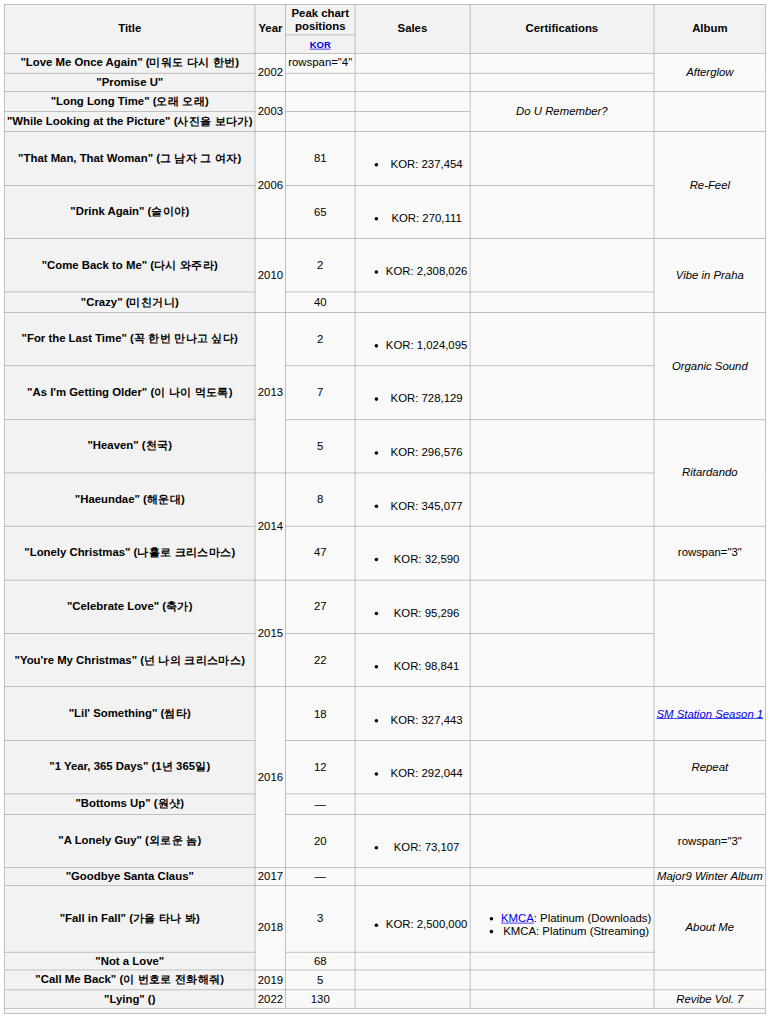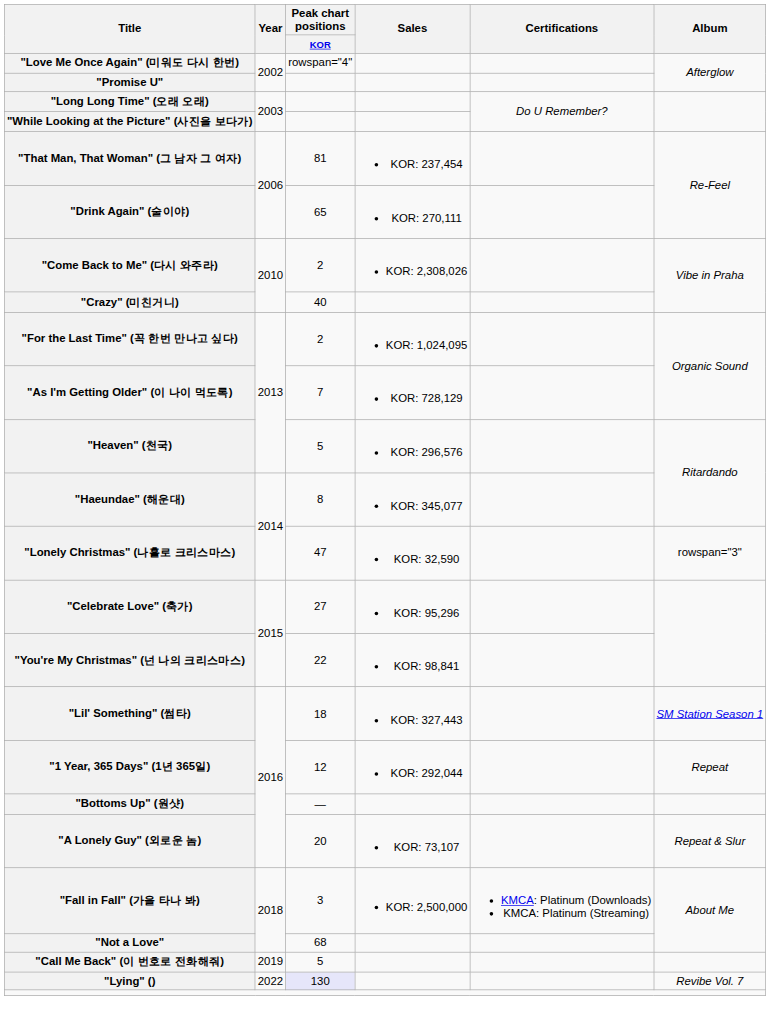 <table class="wikitable plainrowheaders" style="text-align:center;">
 <tr>
 <th scope="col" rowspan="2">Title</th>
 <th scope="col" rowspan="2">Year</th>
 <th scope="col" colspan="1" style="width:5em;">Peak chart positions</th>
 <th rowspan="2">Sales</th>
 <th rowspan="2">Certifications</th>
 <th scope="col" rowspan="2">Album</th>
 </tr>
 <tr>
 <th><small><a href='#'>KOR</a></small><br></th>
 </tr>
 <tr>
 <th scope="row">"Love Me Once Again" (미워도 다시 한번)</th>
 <td rowspan="2">2002</td>
 <td>rowspan="4" </td>
 <td></td>
 <td></td>
 <td rowspan="2"><em>Afterglow</em></td>
 </tr>
 <tr>
 <th scope="row">"Promise U"</th>
 <td></td>
 <td></td>
 </tr>
 <tr>
 <th scope="row">"Long Long Time" (오래 오래)</th>
 <td rowspan="2">2003</td>
 <td></td>
 <td></td>
 <td rowspan="2"><em>Do U Remember?</em></td>
 </tr>
 <tr>
 <th scope="row">"While Looking at the Picture" (사진을 보다가)</th>
 <td></td>
 <td></td>
 </tr>
 <tr>
 <th scope="row">"That Man, That Woman" (그 남자 그 여자)<br></th>
 <td rowspan="2">2006</td>
 <td>81</td>
 <td><br><ul><li>KOR: 237,454</li></ul></td>
 <td></td>
 <td rowspan="2"><em>Re-Feel</em></td>
 </tr>
 <tr>
 <th scope="row">"Drink Again" (술이야)</th>
 <td>65</td>
 <td><br><ul><li>KOR: 270,111</li></ul></td>
 <td></td>
 </tr>
 <tr>
 <th scope="row">"Come Back to Me" (다시 와주라)</th>
 <td rowspan="2">2010</td>
 <td>2</td>
 <td><br><ul><li>KOR: 2,308,026</li></ul></td>
 <td></td>
 <td rowspan="2"><em>Vibe in Praha</em></td>
 </tr>
 <tr>
 <th scope="row">"Crazy" (미친거니)</th>
 <td>40</td>
 <td></td>
 <td></td>
 </tr>
 <tr>
 <th scope="row">"For the Last Time" (꼭 한번 만나고 싶다)</th>
 <td rowspan="3">2013</td>
 <td>2</td>
 <td><br><ul><li>KOR: 1,024,095</li></ul></td>
 <td></td>
 <td rowspan="2"><em>Organic Sound</em></td>
 </tr>
 <tr>
 <th scope="row">"As I'm Getting Older" (이 나이 먹도록)</th>
 <td>7</td>
 <td><br><ul><li>KOR: 728,129</li></ul></td>
 <td></td>
 </tr>
 <tr>
 <th scope="row">"Heaven" (천국)<br></th>
 <td>5</td>
 <td><br><ul><li>KOR: 296,576</li></ul></td>
 <td></td>
 <td rowspan="2"><em>Ritardando</em></td>
 </tr>
 <tr>
 <th scope="row">"Haeundae" (해운대)<br></th>
 <td rowspan="2">2014</td>
 <td>8</td>
 <td><br><ul><li>KOR: 345,077</li></ul></td>
 <td></td>
 </tr>
 <tr>
 <th scope="row">"Lonely Christmas" (나홀로 크리스마스)<br></th>
 <td>47</td>
 <td><br><ul><li>KOR: 32,590</li></ul></td>
 <td></td>
 <td>rowspan="3" </td>
 </tr>
 <tr>
 <th scope="row">"Celebrate Love" (축가)<br></th>
 <td rowspan="2">2015</td>
 <td>27</td>
 <td><br><ul><li>KOR: 95,296</li></ul></td>
 <td></td>
 </tr>
 <tr>
 <th scope="row">"You're My Christmas" (넌 나의 크리스마스)<br></th>
 <td>22</td>
 <td><br><ul><li>KOR: 98,841</li></ul></td>
 <td></td>
 </tr>
 <tr>
 <th scope="row">"Lil' Something" (썸타)<br></th>
 <td rowspan="4">2016</td>
 <td>18</td>
 <td><br><ul><li>KOR: 327,443</li></ul></td>
 <td></td>
 <td><em><a href='#'>SM Station Season 1</a></em></td>
 </tr>
 <tr>
 <th scope="row">"1 Year, 365 Days" (1년 365일)<br></th>
 <td>12</td>
 <td><br><ul><li>KOR: 292,044</li></ul></td>
 <td></td>
 <td><em>Repeat</em></td>
 </tr>
 <tr>
 <th scope="row">"Bottoms Up" (원샷)<br></th>
 <td>—</td>
 <td></td>
 <td></td>
 <td></td>
 </tr>
 <tr>
 <th scope="row">"A Lonely Guy" (외로운 놈)</th>
 <td>20</td>
 <td><br><ul><li>KOR: 73,107</li></ul></td>
 <td></td>
-<td>rowspan="3" </td>
-</tr>
-<tr>
-<th scope="row">"Goodbye Santa Claus"<br></th>
-<td>2017</td>
-<td>—</td>
-<td></td>
-<td></td>
-<td><em>Major9 Winter Album</em></td>
+<td><em>Repeat & Slur</em></td>
 </tr>
 <tr>
 <th scope="row">"Fall in Fall" (가을 타나 봐)</th>
 <td rowspan="2">2018</td>
 <td>3</td>
 <td><br><ul><li>KOR: 2,500,000</li></ul></td>
 <td><br><ul><li><a href='#'>KMCA</a>: Platinum (Downloads)</li><li>KMCA: Platinum (Streaming)</li></ul></td>
 <td rowspan="2"><em>About Me</em></td>
 </tr>
 <tr>
 <th scope="row">"Not a Love"</th>
 <td>68</td>
 <td></td>
 <td></td>
 </tr>
 <tr>
 <th scope="row">"Call Me Back" (이 번호로 전화해줘)</th>
 <td>2019</td>
 <td>5</td>
 <td></td>
 <td></td>
 <td></td>
 </tr>
 <tr>
 <th scope="row">"Lying" ()<br></th>
 <td>2022</td>
-<td>130</td>
+<td style="background: lavender;">130</td>
 <td></td>
 <td></td>
 <td><em>Revibe Vol. 7</em></td>
 </tr>
 <tr>
 <td colspan="6"></td>
 </tr>
 </table>
